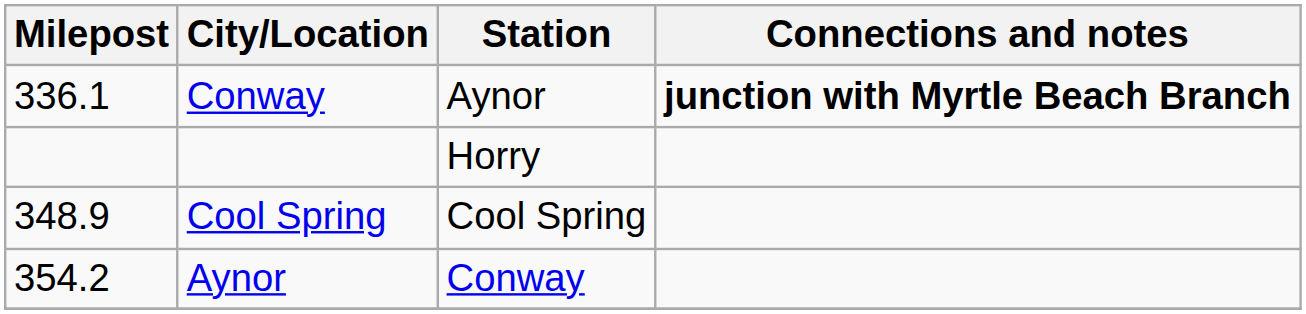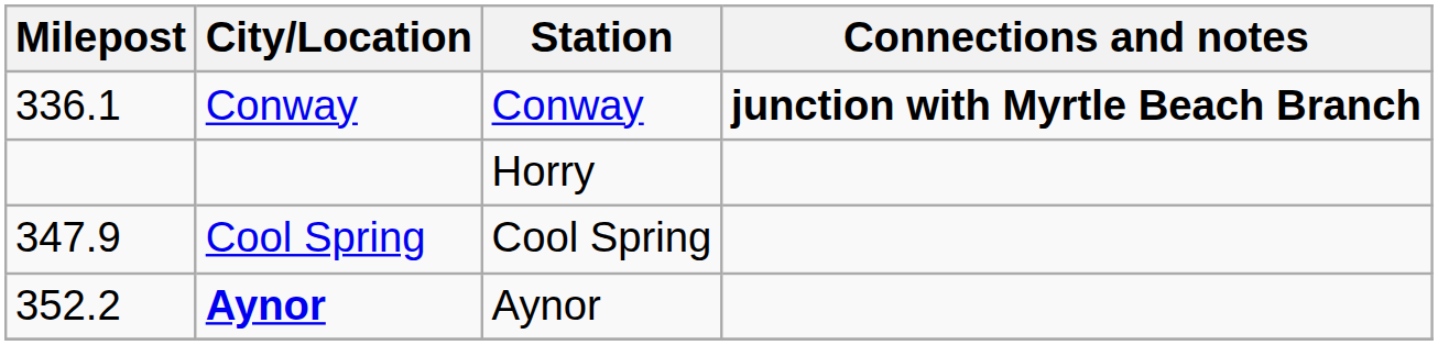 <table class="wikitable">
 <tr>
 <th>Milepost</th>
 <th>City/Location</th>
 <th>Station</th>
 <th>Connections and notes</th>
 </tr>
 <tr>
 <td>336.1</td>
 <td><a href='#'>Conway</a></td>
-<td>Aynor</td>
+<td><a href='#'>Conway</a></td>
 <td><strong>junction with Myrtle Beach Branch</strong></td>
 </tr>
 <tr>
 <td></td>
 <td></td>
 <td>Horry</td>
 <td></td>
 </tr>
 <tr>
-<td>348.9</td>
+<td>347.9</td>
 <td><a href='#'>Cool Spring</a></td>
 <td>Cool Spring</td>
 <td></td>
 </tr>
 <tr>
-<td>354.2</td>
-<td><a href='#'>Aynor</a></td>
-<td><a href='#'>Conway</a></td>
+<td>352.2</td>
+<td><strong><a href='#'>Aynor</a></strong></td>
+<td>Aynor</td>
 <td></td>
 </tr>
 <tr>
 </tr>
 </table>
